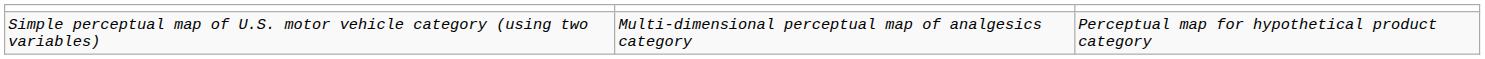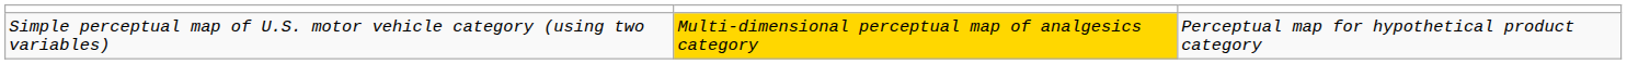 <table class="wikitable">
 <tr style="background-color: white;">
 <td></td>
 <td></td>
 <td></td>
 </tr>
 <tr>
 <td><em>Simple perceptual map of U.S. motor vehicle category (using two variables)</em></td>
-<td><em>Multi-dimensional perceptual map of analgesics category</em></td>
+<td style="background: gold;"><em>Multi-dimensional perceptual map of analgesics category</em></td>
 <td><em>Perceptual map for hypothetical product category</em></td>
 </tr>
 </table>
